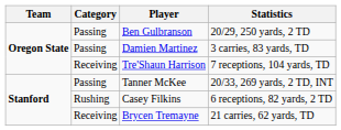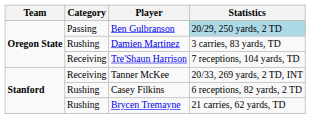 <table class="wikitable" style="float: right;">
 <tr>
 <th>Team</th>
 <th>Category</th>
 <th>Player</th>
 <th>Statistics</th>
 </tr>
 <tr>
 <td rowspan=3><strong>Oregon State</strong></td>
 <td>Passing</td>
 <td><a href='#'>Ben Gulbranson</a></td>
-<td>20/29, 250 yards, 2 TD</td>
+<td style="background: lightblue;">20/29, 250 yards, 2 TD</td>
 </tr>
 <tr>
-<td>Passing</td>
+<td>Rushing</td>
 <td><a href='#'>Damien Martinez</a></td>
 <td>3 carries, 83 yards, TD</td>
 </tr>
 <tr>
 <td>Receiving</td>
 <td><a href='#'>Tre'Shaun Harrison</a></td>
 <td>7 receptions, 104 yards, TD</td>
 </tr>
 <tr>
 <td rowspan=3><strong>Stanford</strong></td>
-<td>Passing</td>
+<td>Receiving</td>
 <td>Tanner McKee</td>
 <td>20/33, 269 yards, 2 TD, INT</td>
 </tr>
 <tr>
 <td>Rushing</td>
 <td>Casey Filkins</td>
 <td>6 receptions, 82 yards, 2 TD</td>
 </tr>
 <tr>
-<td>Receiving</td>
+<td>Rushing</td>
 <td><a href='#'>Brycen Tremayne</a></td>
 <td>21 carries, 62 yards, TD</td>
 </tr>
 </table>
